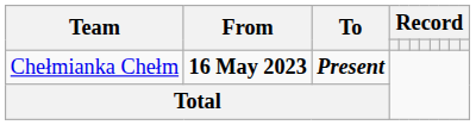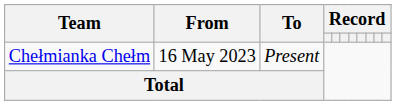 <table class="wikitable" style="text-align: center;">
 <tr>
 <th rowspan="2">Team</th>
 <th rowspan="2">From</th>
 <th rowspan="2">To</th>
 <th colspan="8">Record</th>
 </tr>
 <tr>
 <th></th>
 <th></th>
 <th></th>
 <th></th>
 <th></th>
 <th></th>
 <th></th>
 <th></th>
 </tr>
 <tr>
 <td align=left><a href='#'>Chełmianka Chełm</a></td>
-<td align=left><strong>16 May 2023</strong></td>
-<td align=left><strong><em>Present</em><br></strong></td>
+<td align=left>16 May 2023</td>
+<td align=left><em>Present</em><br></td>
 </tr>
 <tr>
 <th colspan="3">Total<br></th>
 </tr>
 </table>
